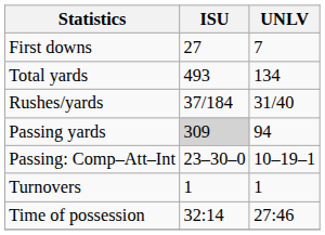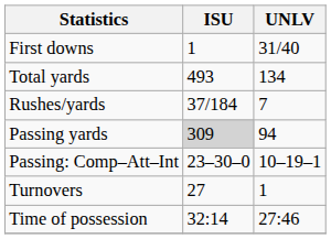 <table class="wikitable" style="float: left;">
 <tr>
 <th>Statistics</th>
 <th>ISU</th>
 <th>UNLV</th>
 </tr>
 <tr>
 <td>First downs</td>
-<td>27</td>
-<td>7</td>
+<td>1</td>
+<td>31/40</td>
 </tr>
 <tr>
 <td>Total yards</td>
 <td>493</td>
 <td>134</td>
 </tr>
 <tr>
 <td>Rushes/yards</td>
 <td>37/184</td>
-<td>31/40</td>
+<td>7</td>
 </tr>
 <tr>
 <td>Passing yards</td>
 <td style="background: lightgrey;">309</td>
 <td>94</td>
 </tr>
 <tr>
 <td>Passing: Comp–Att–Int</td>
 <td>23–30–0</td>
 <td>10–19–1</td>
 </tr>
 <tr>
 <td>Turnovers</td>
-<td>1</td>
+<td>27</td>
 <td>1</td>
 </tr>
 <tr>
 <td>Time of possession</td>
 <td>32:14</td>
 <td>27:46</td>
 </tr>
 <tr>
 </tr>
 </table>
